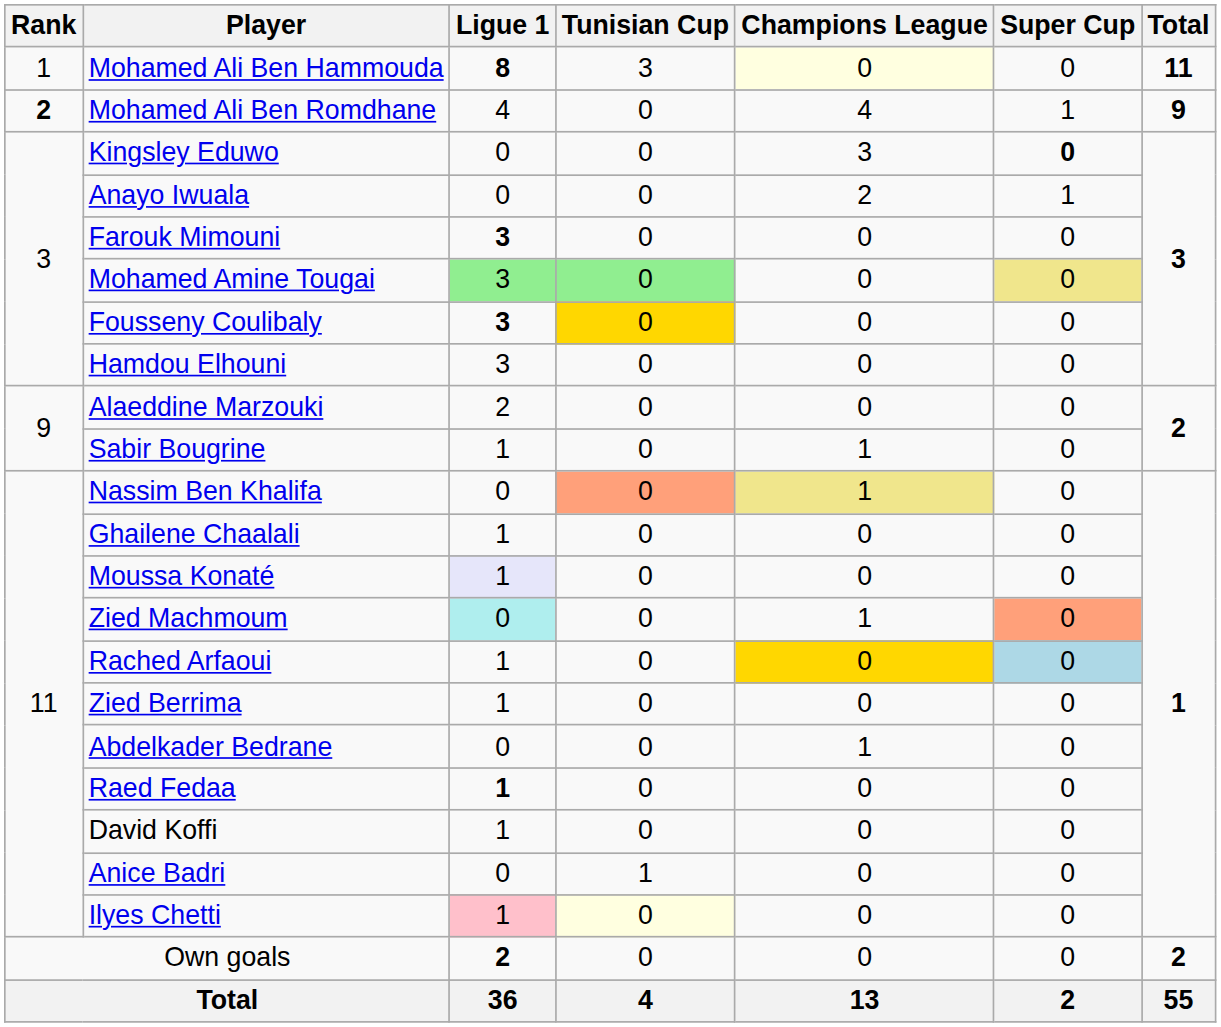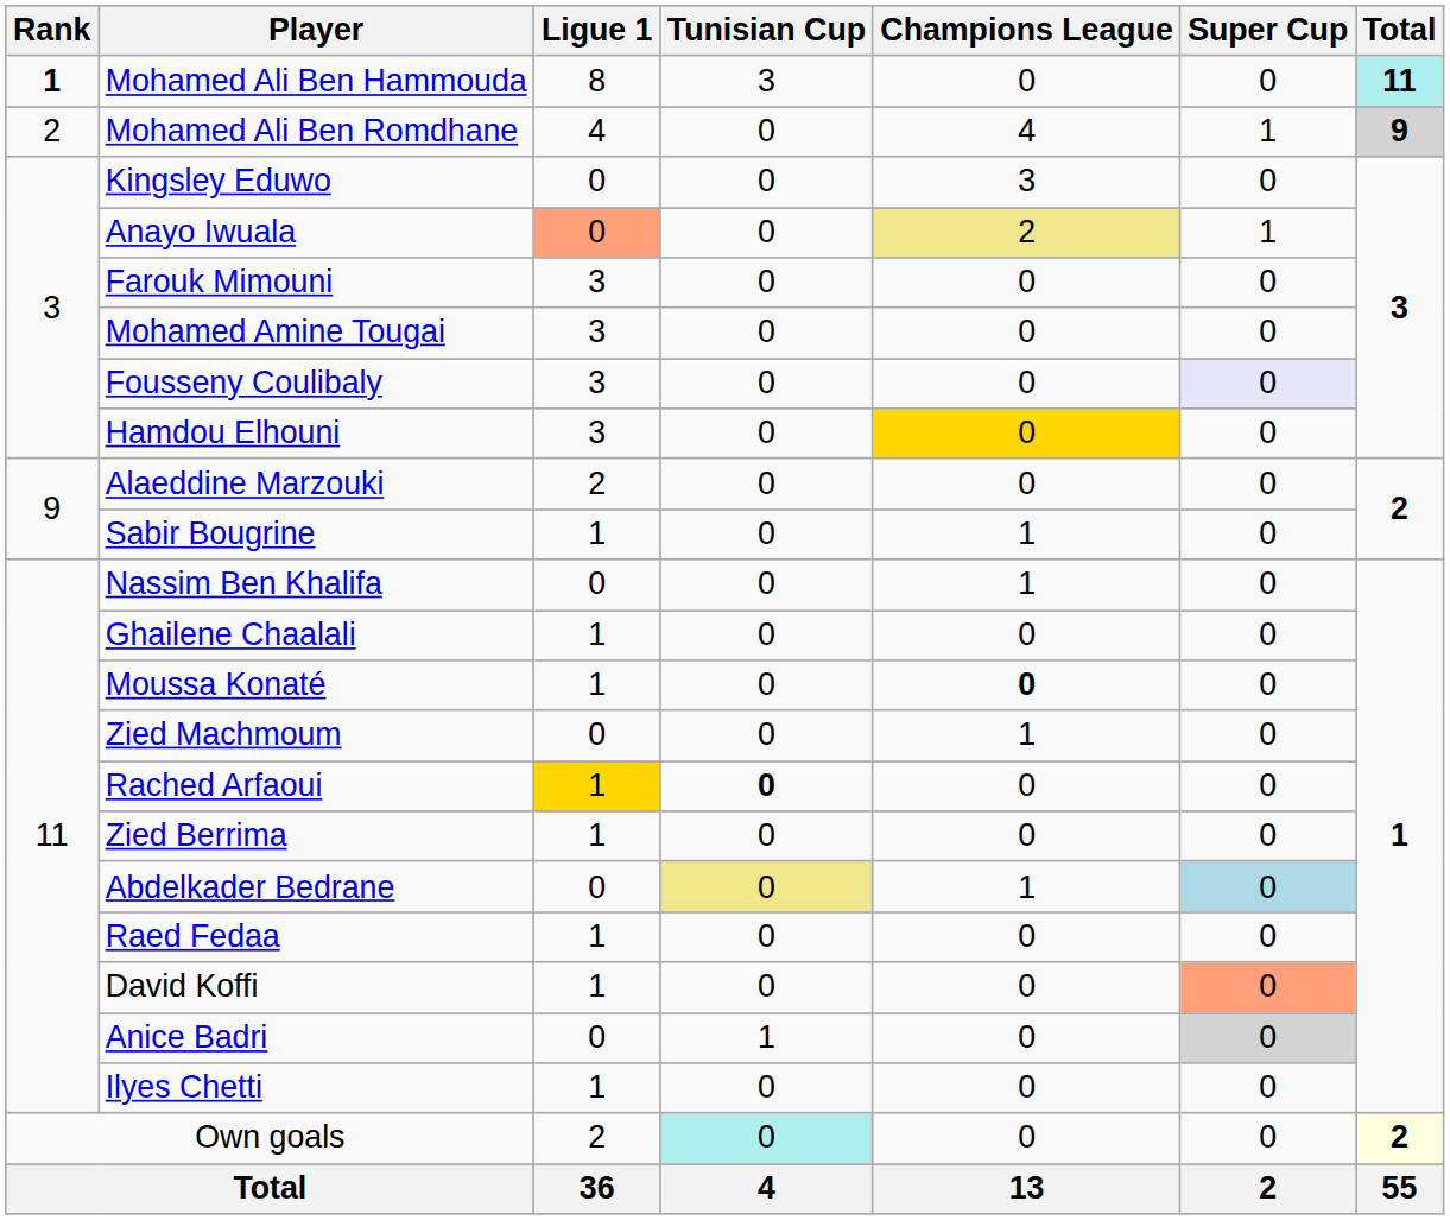 <table class="wikitable" style="text-align:center;">
 <tr>
 <th>Rank</th>
 <th>Player</th>
 <th>Ligue 1</th>
 <th>Tunisian Cup</th>
 <th>Champions League</th>
 <th>Super Cup</th>
 <th>Total</th>
 </tr>
 <tr>
-<td>1</td>
+<td><strong>1</strong></td>
 <td align=left> <a href='#'>Mohamed Ali Ben Hammouda</a></td>
-<td><strong>8</strong></td>
+<td>8</td>
 <td>3</td>
-<td style="background: lightyellow;">0</td>
 <td>0</td>
-<td><strong>11</strong></td>
+<td>0</td>
+<td style="background: paleturquoise;"><strong>11</strong></td>
 </tr>
 <tr>
-<td><strong>2</strong></td>
+<td>2</td>
 <td align=left> <a href='#'>Mohamed Ali Ben Romdhane</a></td>
 <td>4</td>
 <td>0</td>
 <td>4</td>
 <td>1</td>
-<td><strong>9</strong></td>
+<td style="background: lightgrey;"><strong>9</strong></td>
 </tr>
 <tr>
 <td rowspan="6">3</td>
 <td align=left> <a href='#'>Kingsley Eduwo</a></td>
 <td>0</td>
 <td>0</td>
 <td>3</td>
-<td><strong>0</strong></td>
+<td>0</td>
 <td rowspan="6"><strong>3</strong></td>
 </tr>
 <tr>
 <td align=left> <a href='#'>Anayo Iwuala</a></td>
+<td style="background: lightsalmon;">0</td>
 <td>0</td>
-<td>0</td>
-<td>2</td>
+<td style="background: khaki;">2</td>
 <td>1</td>
 </tr>
 <tr>
 <td align=left> <a href='#'>Farouk Mimouni</a></td>
-<td><strong>3</strong></td>
+<td>3</td>
 <td>0</td>
 <td>0</td>
 <td>0</td>
 </tr>
 <tr>
 <td align=left> <a href='#'>Mohamed Amine Tougai</a></td>
-<td style="background: lightgreen;">3</td>
-<td style="background: lightgreen;">0</td>
+<td>3</td>
 <td>0</td>
-<td style="background: khaki;">0</td>
+<td>0</td>
+<td>0</td>
 </tr>
 <tr>
 <td align=left> <a href='#'>Fousseny Coulibaly</a></td>
-<td><strong>3</strong></td>
-<td style="background: gold;">0</td>
+<td>3</td>
 <td>0</td>
 <td>0</td>
+<td style="background: lavender;">0</td>
 </tr>
 <tr>
 <td align=left> <a href='#'>Hamdou Elhouni</a></td>
 <td>3</td>
 <td>0</td>
-<td>0</td>
+<td style="background: gold;">0</td>
 <td>0</td>
 </tr>
 <tr>
 <td rowspan="2">9</td>
 <td align=left> <a href='#'>Alaeddine Marzouki</a></td>
 <td>2</td>
 <td>0</td>
 <td>0</td>
 <td>0</td>
 <td rowspan="2"><strong>2</strong></td>
 </tr>
 <tr>
 <td align=left> <a href='#'>Sabir Bougrine</a></td>
 <td>1</td>
 <td>0</td>
 <td>1</td>
 <td>0</td>
 </tr>
 <tr>
 <td rowspan="11">11</td>
 <td align=left> <a href='#'>Nassim Ben Khalifa</a></td>
 <td>0</td>
-<td style="background: lightsalmon;">0</td>
-<td style="background: khaki;">1</td>
+<td>0</td>
+<td>1</td>
 <td>0</td>
 <td rowspan="11"><strong>1</strong></td>
 </tr>
 <tr>
 <td align=left> <a href='#'>Ghailene Chaalali</a></td>
 <td>1</td>
 <td>0</td>
 <td>0</td>
 <td>0</td>
 </tr>
 <tr>
 <td align=left> <a href='#'>Moussa Konaté</a></td>
-<td style="background: lavender;">1</td>
+<td>1</td>
 <td>0</td>
-<td>0</td>
+<td><strong>0</strong></td>
 <td>0</td>
 </tr>
 <tr>
 <td align=left> <a href='#'>Zied Machmoum</a></td>
-<td style="background: paleturquoise;">0</td>
+<td>0</td>
 <td>0</td>
 <td>1</td>
-<td style="background: lightsalmon;">0</td>
+<td>0</td>
 </tr>
 <tr>
 <td align=left> <a href='#'>Rached Arfaoui</a></td>
-<td>1</td>
+<td style="background: gold;">1</td>
+<td><strong>0</strong></td>
 <td>0</td>
-<td style="background: gold;">0</td>
-<td style="background: lightblue;">0</td>
+<td>0</td>
 </tr>
 <tr>
 <td align=left> <a href='#'>Zied Berrima</a></td>
 <td>1</td>
 <td>0</td>
 <td>0</td>
 <td>0</td>
 </tr>
 <tr>
 <td align=left> <a href='#'>Abdelkader Bedrane</a></td>
 <td>0</td>
-<td>0</td>
+<td style="background: khaki;">0</td>
 <td>1</td>
-<td>0</td>
+<td style="background: lightblue;">0</td>
 </tr>
 <tr>
 <td align=left> <a href='#'>Raed Fedaa</a></td>
-<td><strong>1</strong></td>
+<td>1</td>
 <td>0</td>
 <td>0</td>
 <td>0</td>
 </tr>
 <tr>
 <td align=left> David Koffi</td>
 <td>1</td>
 <td>0</td>
 <td>0</td>
-<td>0</td>
+<td style="background: lightsalmon;">0</td>
 </tr>
 <tr>
 <td align=left> <a href='#'>Anice Badri</a></td>
 <td>0</td>
 <td>1</td>
 <td>0</td>
-<td>0</td>
+<td style="background: lightgrey;">0</td>
 </tr>
 <tr>
 <td align=left> <a href='#'>Ilyes Chetti</a></td>
-<td style="background: pink;">1</td>
-<td style="background: lightyellow;">0</td>
+<td>1</td>
+<td>0</td>
 <td>0</td>
 <td>0</td>
 </tr>
 <tr>
 <td align=center colspan=2>Own goals</td>
-<td><strong>2</strong></td>
+<td>2</td>
+<td style="background: paleturquoise;">0</td>
 <td>0</td>
 <td>0</td>
-<td>0</td>
-<td><strong>2</strong></td>
+<td style="background: lightyellow;"><strong>2</strong></td>
 </tr>
 <tr>
 <th colspan=2>Total</th>
 <th>36</th>
 <th>4</th>
 <th>13</th>
 <th>2</th>
 <th>55</th>
 </tr>
 </table>
